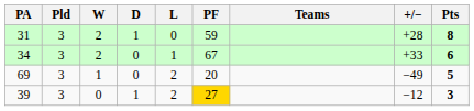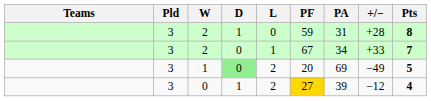 <table class="wikitable" style="text-align: center;">
 <tr>
-<th width="40">PA</th>
+<th style="width:200px;">Teams</th>
 <th width="40">Pld</th>
 <th width="40">W</th>
 <th width="40">D</th>
 <th width="40">L</th>
 <th width="40">PF</th>
-<th style="width:200px;">Teams</th>
+<th width="40">PA</th>
 <th width="40">+/−</th>
 <th width="40">Pts</th>
 </tr>
 <tr style="background:#cfc;">
-<td>31</td>
+<td align=left></td>
 <td>3</td>
 <td>2</td>
 <td>1</td>
 <td>0</td>
 <td>59</td>
-<td align=left></td>
+<td>31</td>
 <td>+28</td>
 <td><strong>8</strong></td>
 </tr>
 <tr style="background:#cfc;">
-<td>34</td>
+<td align=left></td>
 <td>3</td>
 <td>2</td>
 <td>0</td>
 <td>1</td>
 <td>67</td>
-<td align=left></td>
+<td>34</td>
 <td>+33</td>
-<td><strong>6</strong></td>
+<td><strong>7</strong></td>
 </tr>
 <tr>
-<td>69</td>
+<td align=left></td>
 <td>3</td>
 <td>1</td>
-<td>0</td>
+<td style="background: lightgreen;">0</td>
 <td>2</td>
 <td>20</td>
-<td align=left></td>
+<td>69</td>
 <td>−49</td>
 <td><strong>5</strong></td>
 </tr>
 <tr>
-<td>39</td>
+<td align=left></td>
 <td>3</td>
 <td>0</td>
 <td>1</td>
 <td>2</td>
 <td style="background: gold;">27</td>
-<td align=left></td>
+<td>39</td>
 <td>−12</td>
-<td><strong>3</strong></td>
+<td><strong>4</strong></td>
 </tr>
 </table>
